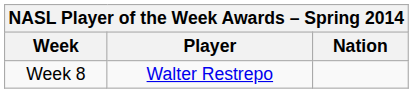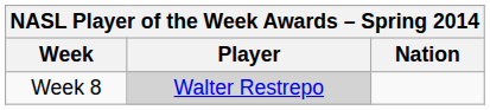 <table class="wikitable" style="text-align:center">
 <tr>
 <th colspan="5">NASL Player of the Week Awards – Spring 2014</th>
 </tr>
 <tr>
 <th>Week</th>
 <th>Player</th>
 <th>Nation</th>
 </tr>
 <tr>
 <td>Week 8</td>
-<td><a href='#'>Walter Restrepo</a></td>
+<td style="background: lightgrey;"><a href='#'>Walter Restrepo</a></td>
 <td></td>
 </tr>
 </table>
